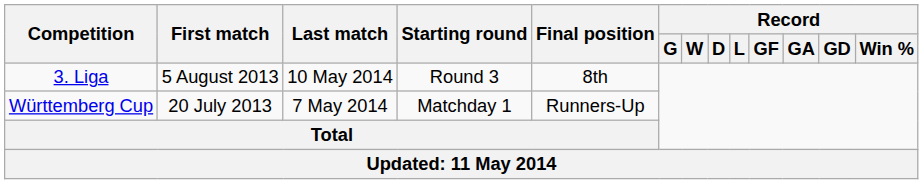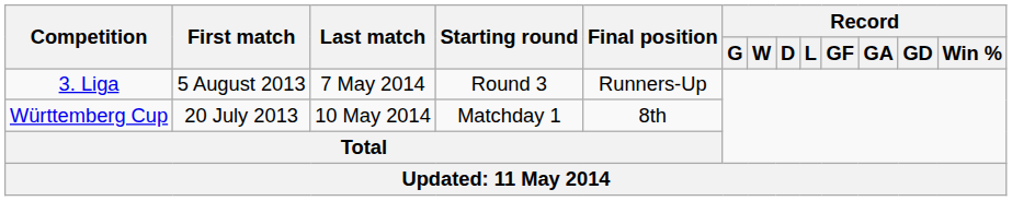 <table class="wikitable" style="font-size:90%; text-align: center">
 <tr>
 <th rowspan="2">Competition</th>
 <th rowspan="2">First match</th>
 <th rowspan="2">Last match</th>
 <th rowspan="2">Starting round</th>
 <th rowspan="2">Final position</th>
 <th colspan="8">Record</th>
 </tr>
 <tr>
 <th>G</th>
 <th>W</th>
 <th>D</th>
 <th>L</th>
 <th>GF</th>
 <th>GA</th>
 <th>GD</th>
 <th>Win %</th>
 </tr>
 <tr>
 <td><a href='#'>3. Liga</a></td>
 <td>5 August 2013</td>
-<td>10 May 2014</td>
+<td>7 May 2014</td>
 <td>Round 3</td>
-<td>8th<br></td>
+<td>Runners-Up<br></td>
 </tr>
 <tr>
 <td><a href='#'>Württemberg Cup</a></td>
 <td>20 July 2013</td>
-<td>7 May 2014</td>
+<td>10 May 2014</td>
 <td>Matchday 1</td>
-<td>Runners-Up<br></td>
+<td>8th<br></td>
 </tr>
 <tr>
 <th colspan="5">Total<br></th>
 </tr>
 <tr>
 <th colspan="14">Updated: 11 May 2014</th>
 </tr>
 </table>
